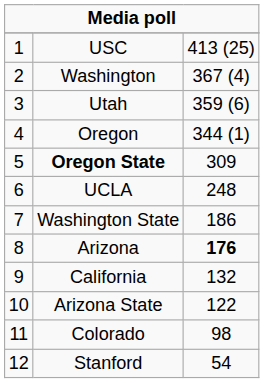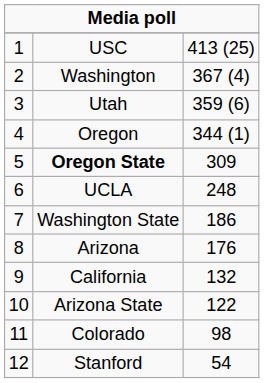 <table class="wikitable" style="display: inline-table;">
 <tr>
 <td align="center" Colspan="3"><strong>Media poll</strong></td>
 </tr>
 <tr align="center">
 </tr>
 <tr align="center">
 <td>1</td>
 <td>USC</td>
 <td>413 (25)</td>
 </tr>
 <tr align="center">
 <td>2</td>
 <td>Washington</td>
 <td>367 (4)</td>
 </tr>
 <tr align="center">
 <td>3</td>
 <td>Utah</td>
 <td>359 (6)</td>
 </tr>
 <tr align="center">
 <td>4</td>
 <td>Oregon</td>
 <td>344 (1)</td>
 </tr>
 <tr align="center">
 <td>5</td>
 <td><strong>Oregon State</strong></td>
 <td>309</td>
 </tr>
 <tr align="center">
 <td>6</td>
 <td>UCLA</td>
 <td>248</td>
 </tr>
 <tr align="center">
 <td>7</td>
 <td>Washington State</td>
 <td>186</td>
 </tr>
 <tr align="center">
 <td>8</td>
 <td>Arizona</td>
-<td><strong>176</strong></td>
+<td>176</td>
 </tr>
 <tr align="center">
 <td>9</td>
 <td>California</td>
 <td>132</td>
 </tr>
 <tr align="center">
 <td>10</td>
 <td>Arizona State</td>
 <td>122</td>
 </tr>
 <tr align="center">
 <td>11</td>
 <td>Colorado</td>
 <td>98</td>
 </tr>
 <tr align="center">
 <td>12</td>
 <td>Stanford</td>
 <td>54</td>
 </tr>
 </table>
